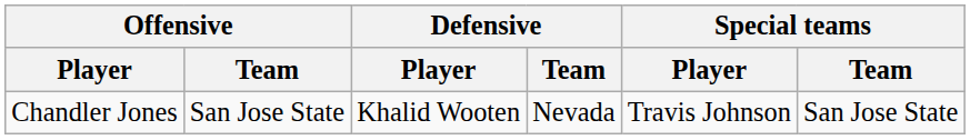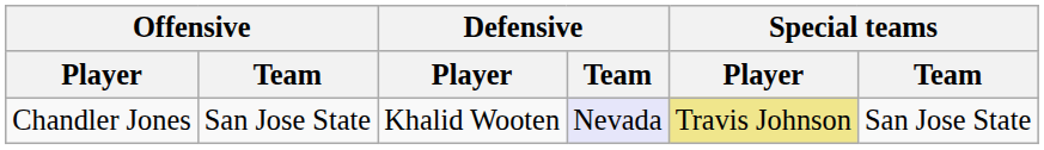 <table class="wikitable">
 <tr>
 <th colspan="2">Offensive</th>
 <th colspan="2">Defensive</th>
 <th colspan="2">Special teams</th>
 </tr>
 <tr>
 <th>Player</th>
 <th>Team</th>
 <th>Player</th>
 <th>Team</th>
 <th>Player</th>
 <th>Team</th>
 </tr>
 <tr>
 <td>Chandler Jones</td>
 <td>San Jose State</td>
 <td>Khalid Wooten</td>
-<td>Nevada</td>
-<td>Travis Johnson</td>
+<td style="background: lavender;">Nevada</td>
+<td style="background: khaki;">Travis Johnson</td>
 <td>San Jose State</td>
 </tr>
 </table>
